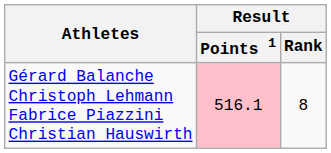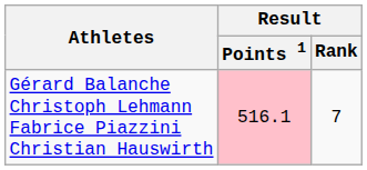 <table class="wikitable" border="1" style="font-size:90%">
 <tr>
 <th rowspan=2>Athletes</th>
 <th colspan=2>Result</th>
 </tr>
 <tr>
 <th>Points <sup>1</sup></th>
 <th>Rank</th>
 </tr>
 <tr>
 <td><a href='#'>Gérard Balanche</a><br><a href='#'>Christoph Lehmann</a><br><a href='#'>Fabrice Piazzini</a><br><a href='#'>Christian Hauswirth</a></td>
 <td align=center style="background: pink;">516.1</td>
-<td align=center>8</td>
+<td align=center>7</td>
 </tr>
 </table>
